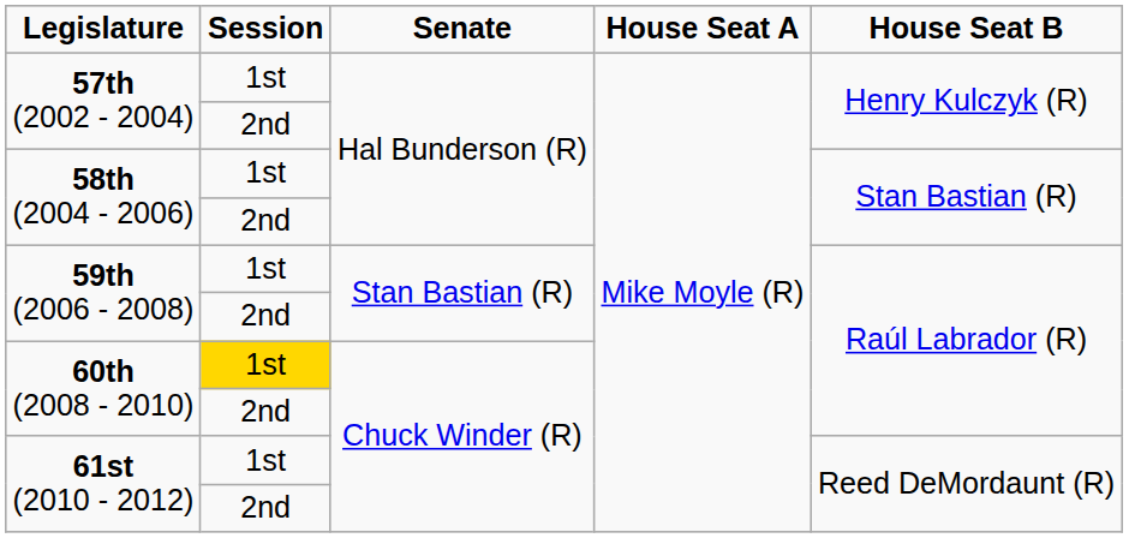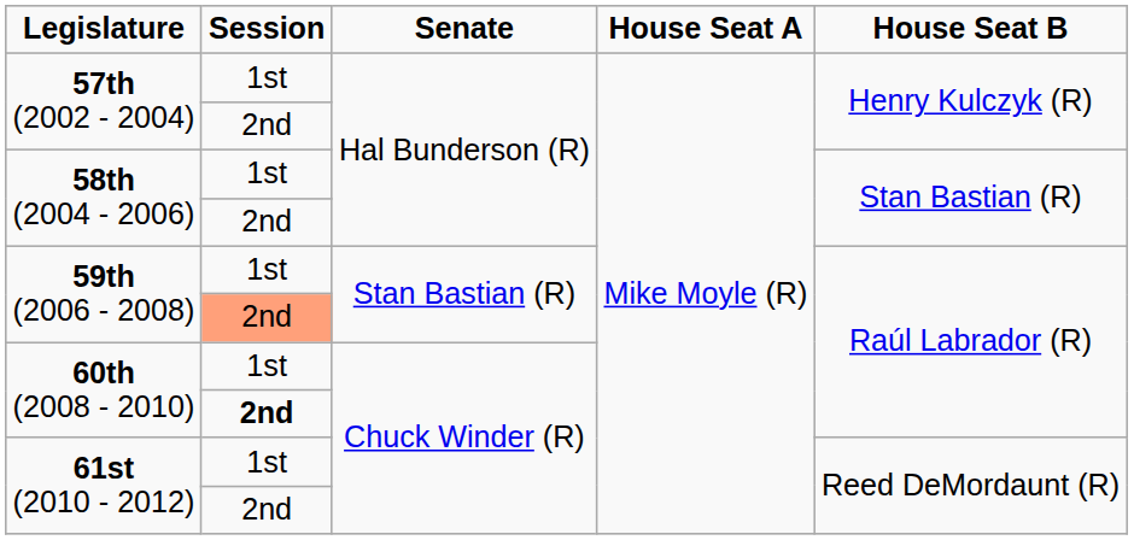 <table class=wikitable style="text-align:center">
 <tr>
 <td><strong>Legislature</strong></td>
 <td><strong>Session</strong></td>
 <td><strong>Senate</strong></td>
 <td><strong>House Seat A</strong></td>
 <td><strong>House Seat B</strong></td>
 </tr>
 <tr>
 <td rowspan="2" colspan="1" style="text-align: center;"><strong>57th</strong> <br> (2002 - 2004)</td>
 <td>1st</td>
 <td rowspan="4" colspan="1" style="text-align: center;" >Hal Bunderson (R)</td>
 <td rowspan="10" colspan="1" style="text-align: center;" ><a href='#'>Mike Moyle</a> (R)</td>
 <td rowspan="2" colspan="1" style="text-align: center;" ><a href='#'>Henry Kulczyk</a> (R)</td>
 </tr>
 <tr>
 <td>2nd</td>
 </tr>
 <tr>
 <td rowspan="2" colspan="1" style="text-align: center;"><strong>58th</strong> <br> (2004 - 2006)</td>
 <td>1st</td>
 <td rowspan="2" colspan="1" style="text-align: center;" ><a href='#'>Stan Bastian</a> (R)</td>
 </tr>
 <tr>
 <td>2nd</td>
 </tr>
 <tr>
 <td rowspan="2" colspan="1" style="text-align: center;"><strong>59th</strong> <br> (2006 - 2008)</td>
 <td>1st</td>
 <td rowspan="2" colspan="1" style="text-align: center;" ><a href='#'>Stan Bastian</a> (R)</td>
 <td rowspan="4" colspan="1" style="text-align: center;" ><a href='#'>Raúl Labrador</a> (R)</td>
 </tr>
 <tr>
-<td>2nd</td>
+<td style="background: lightsalmon;">2nd</td>
 </tr>
 <tr>
 <td rowspan="2" colspan="1" style="text-align: center;"><strong>60th</strong> <br> (2008 - 2010)</td>
-<td style="background: gold;">1st</td>
+<td>1st</td>
 <td rowspan="4" colspan="1" style="text-align: center;" ><a href='#'>Chuck Winder</a> (R)</td>
 </tr>
 <tr>
-<td>2nd</td>
+<td><strong>2nd</strong></td>
 </tr>
 <tr>
 <td rowspan="2" colspan="1" style="text-align: center;"><strong>61st</strong> <br> (2010 - 2012)</td>
 <td>1st</td>
 <td rowspan="2" colspan="1" style="text-align: center;" >Reed DeMordaunt (R)</td>
 </tr>
 <tr>
 <td>2nd</td>
 </tr>
 </table>
